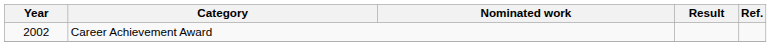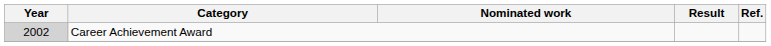 <table class=wikitable>
 <tr>
 <th scope="col" style="width:5em;">Year</th>
 <th scope="col" style="width:26em;">Category</th>
 <th scope="col" style="width:25em;">Nominated work</th>
 <th scope="col" style="width:5em;">Result</th>
 <th>Ref.</th>
 </tr>
 <tr>
-<td style="text-align:center;">2002</td>
+<td style="background: lightgrey; text-align:center;">2002</td>
 <td colspan=2>Career Achievement Award</td>
 <td></td>
 <td></td>
 </tr>
 <tr>
 </tr>
 </table>
